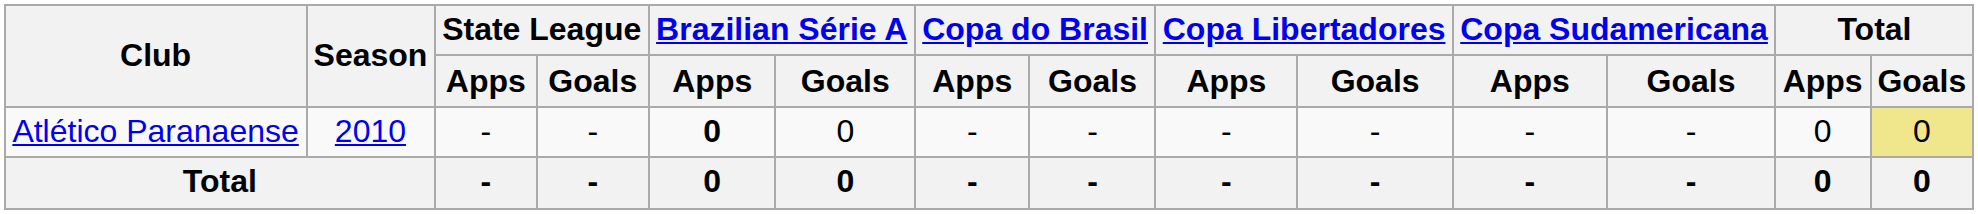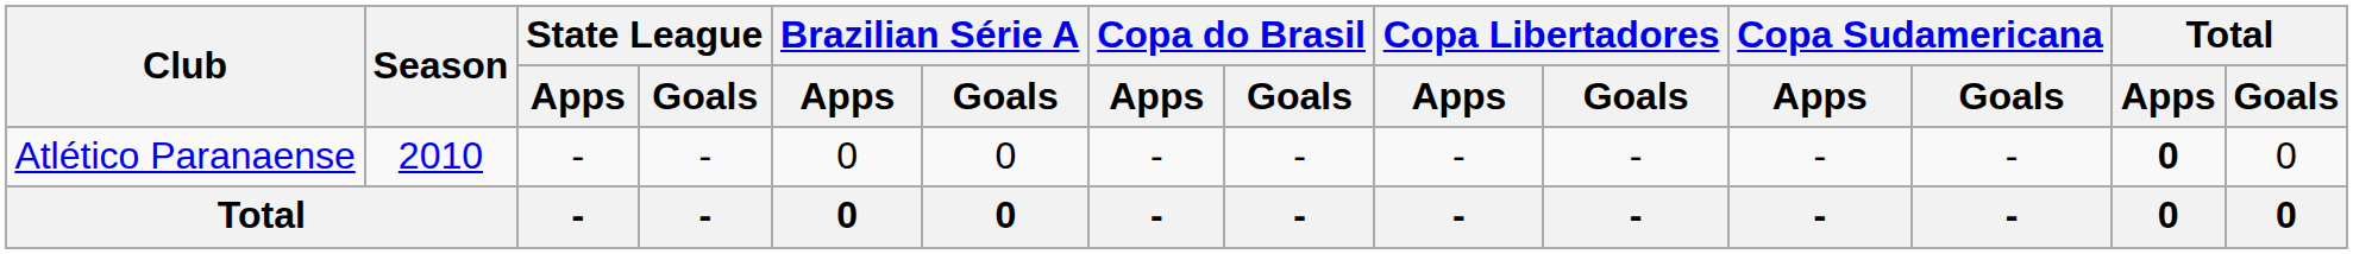 <table class="wikitable" style="text-align: center;">
 <tr>
 <th rowspan="2">Club</th>
 <th rowspan="2">Season</th>
 <th colspan="2">State League</th>
 <th colspan="2"><a href='#'>Brazilian Série A</a></th>
 <th colspan="2"><a href='#'>Copa do Brasil</a></th>
 <th colspan="2"><a href='#'>Copa Libertadores</a></th>
 <th colspan="2"><a href='#'>Copa Sudamericana</a></th>
 <th colspan="2">Total</th>
 </tr>
 <tr>
 <th>Apps</th>
 <th>Goals</th>
 <th>Apps</th>
 <th>Goals</th>
 <th>Apps</th>
 <th>Goals</th>
 <th>Apps</th>
 <th>Goals</th>
 <th>Apps</th>
 <th>Goals</th>
 <th>Apps</th>
 <th>Goals</th>
 </tr>
 <tr>
 <td rowspan="1" valign="center"><a href='#'>Atlético Paranaense</a></td>
 <td><a href='#'>2010</a></td>
 <td>-</td>
 <td>-</td>
-<td><strong>0</strong></td>
+<td>0</td>
 <td>0</td>
 <td>-</td>
 <td>-</td>
 <td>-</td>
 <td>-</td>
 <td>-</td>
 <td>-</td>
+<td><strong>0</strong></td>
 <td>0</td>
-<td style="background: khaki;">0</td>
 </tr>
 <tr>
 <th colspan="2"><strong>Total</strong></th>
 <th>-</th>
 <th>-</th>
 <th>0</th>
 <th>0</th>
 <th>-</th>
 <th>-</th>
 <th>-</th>
 <th>-</th>
 <th>-</th>
 <th>-</th>
 <th>0</th>
 <th>0</th>
 </tr>
 </table>
